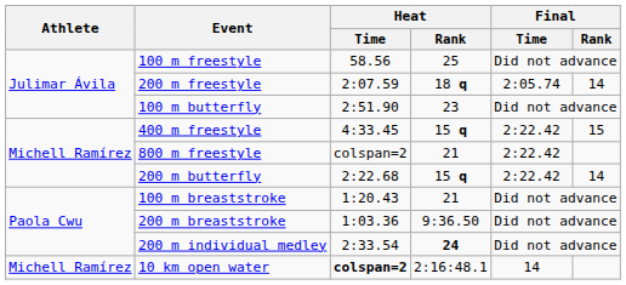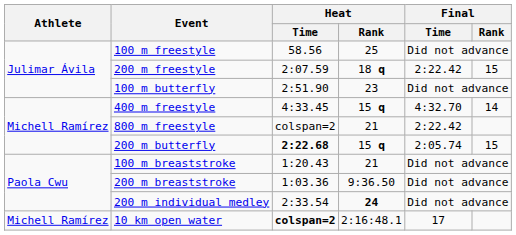 <table class=wikitable style=font-size:90%;text-align:center>
 <tr>
 <th rowspan=2>Athlete</th>
 <th rowspan=2>Event</th>
 <th colspan=2>Heat</th>
 <th colspan=2>Final</th>
 </tr>
 <tr style=font-size:95%>
 <th>Time</th>
 <th>Rank</th>
 <th>Time</th>
 <th>Rank</th>
 </tr>
 <tr align=center>
 <td align=left rowspan=3><a href='#'>Julimar Ávila</a></td>
 <td align=left><a href='#'>100 m freestyle</a></td>
 <td>58.56</td>
 <td>25</td>
 <td colspan=2>Did not advance</td>
 </tr>
 <tr align=center>
 <td align=left><a href='#'>200 m freestyle</a></td>
 <td>2:07.59</td>
 <td>18 <strong>q</strong></td>
-<td>2:05.74</td>
-<td>14</td>
+<td>2:22.42</td>
+<td>15</td>
 </tr>
 <tr align=center>
 <td align=left><a href='#'>100 m butterfly</a></td>
 <td>2:51.90</td>
 <td>23</td>
 <td colspan=2>Did not advance</td>
 </tr>
 <tr align=center>
 <td align=left rowspan=3><a href='#'>Michell Ramírez</a></td>
 <td align=left><a href='#'>400 m freestyle</a></td>
 <td>4:33.45</td>
 <td>15 <strong>q</strong></td>
-<td>2:22.42</td>
-<td>15</td>
+<td>4:32.70</td>
+<td>14</td>
 </tr>
 <tr align=center>
 <td align=left><a href='#'>800 m freestyle</a></td>
 <td>colspan=2 </td>
 <td>21</td>
 <td>2:22.42</td>
 </tr>
 <tr align=center>
 <td align=left><a href='#'>200 m butterfly</a></td>
-<td>2:22.68</td>
+<td><strong>2:22.68</strong></td>
 <td>15 <strong>q</strong></td>
-<td>2:22.42</td>
-<td>14</td>
+<td>2:05.74</td>
+<td>15</td>
 </tr>
 <tr align=center>
 <td align=left rowspan=3><a href='#'>Paola Cwu</a></td>
 <td align=left><a href='#'>100 m breaststroke</a></td>
 <td>1:20.43</td>
 <td>21</td>
 <td colspan=2>Did not advance</td>
 </tr>
 <tr align=center>
 <td align=left><a href='#'>200 m breaststroke</a></td>
 <td>1:03.36</td>
 <td>9:36.50</td>
 <td colspan=2>Did not advance</td>
 </tr>
 <tr align=center>
 <td align=left><a href='#'>200 m individual medley</a></td>
 <td>2:33.54</td>
 <td><strong>24</strong></td>
 <td colspan=2>Did not advance</td>
 </tr>
 <tr align=center>
 <td align=left><a href='#'>Michell Ramírez</a></td>
 <td align=left><a href='#'>10 km open water</a></td>
 <td><strong>colspan=2 </strong></td>
 <td>2:16:48.1</td>
-<td>14</td>
+<td>17</td>
 </tr>
 </table>
